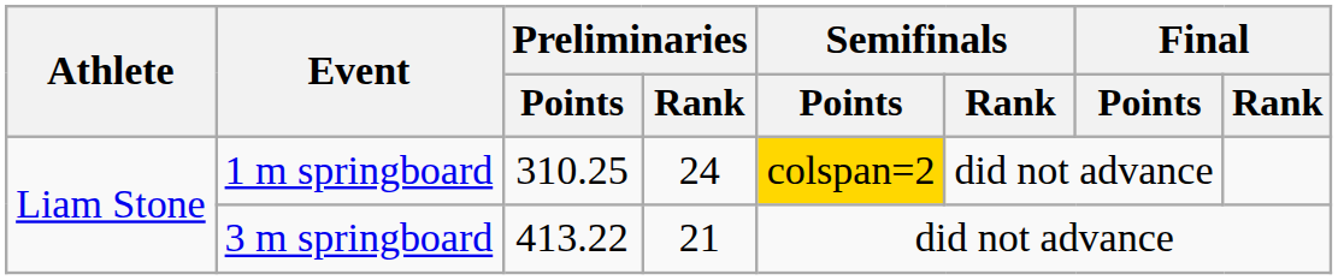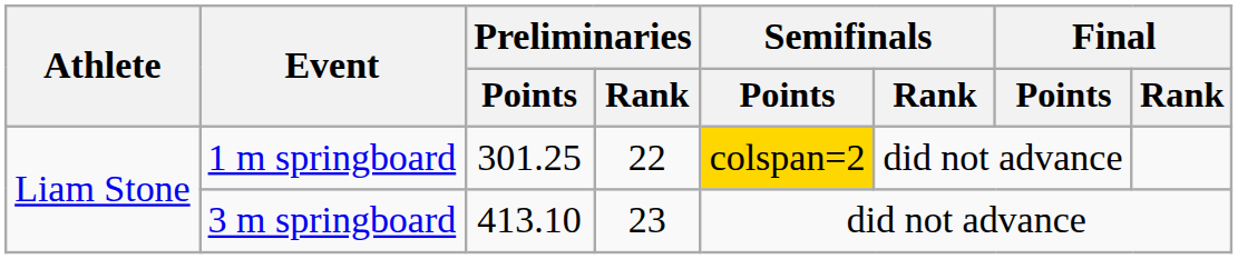 <table class=wikitable style="font-size:90%;">
 <tr>
 <th rowspan="2">Athlete</th>
 <th rowspan="2">Event</th>
 <th colspan="2">Preliminaries</th>
 <th colspan="2">Semifinals</th>
 <th colspan="2">Final</th>
 </tr>
 <tr style="font-size:95%">
 <th>Points</th>
 <th>Rank</th>
 <th>Points</th>
 <th>Rank</th>
 <th>Points</th>
 <th>Rank</th>
 </tr>
 <tr align=center>
 <td align=left rowspan=2><a href='#'>Liam Stone</a></td>
 <td align=left><a href='#'>1 m springboard</a></td>
-<td>310.25</td>
-<td>24</td>
+<td>301.25</td>
+<td>22</td>
 <td style="background: gold;">colspan=2 </td>
 <td colspan=2>did not advance</td>
 </tr>
 <tr align=center>
 <td align=left><a href='#'>3 m springboard</a></td>
-<td>413.22</td>
-<td>21</td>
+<td>413.10</td>
+<td>23</td>
 <td colspan=4>did not advance</td>
 </tr>
 </table>
